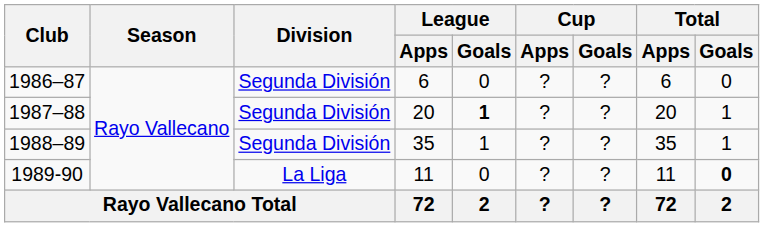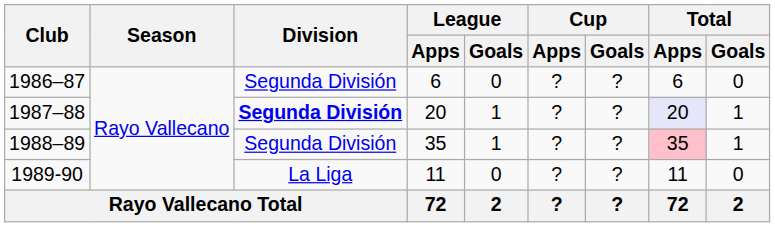 <table class="wikitable" style="text-align: center;">
 <tr>
 <th rowspan="2">Club</th>
 <th rowspan="2">Season</th>
 <th rowspan="2">Division</th>
 <th colspan="2">League</th>
 <th colspan="2">Cup</th>
 <th colspan="2">Total</th>
 </tr>
 <tr>
 <th>Apps</th>
 <th>Goals</th>
 <th>Apps</th>
 <th>Goals</th>
 <th>Apps</th>
 <th>Goals</th>
 </tr>
 <tr>
 <td>1986–87</td>
 <td rowspan="4"><a href='#'>Rayo Vallecano</a></td>
 <td><a href='#'>Segunda División</a></td>
 <td>6</td>
 <td>0</td>
 <td>?</td>
 <td>?</td>
 <td>6</td>
 <td>0</td>
 </tr>
 <tr>
 <td>1987–88</td>
-<td><a href='#'>Segunda División</a></td>
+<td><strong><a href='#'>Segunda División</a></strong></td>
 <td>20</td>
-<td><strong>1</strong></td>
+<td>1</td>
 <td>?</td>
 <td>?</td>
-<td>20</td>
+<td style="background: lavender;">20</td>
 <td>1</td>
 </tr>
 <tr>
 <td>1988–89</td>
 <td><a href='#'>Segunda División</a></td>
 <td>35</td>
 <td>1</td>
 <td>?</td>
 <td>?</td>
-<td>35</td>
+<td style="background: pink;">35</td>
 <td>1</td>
 </tr>
 <tr>
 <td>1989-90</td>
 <td><a href='#'>La Liga</a></td>
 <td>11</td>
 <td>0</td>
 <td>?</td>
 <td>?</td>
 <td>11</td>
-<td><strong>0</strong></td>
+<td>0</td>
 </tr>
 <tr>
 <th colspan="3">Rayo Vallecano Total</th>
 <th>72</th>
 <th>2</th>
 <th>?</th>
 <th>?</th>
 <th>72</th>
 <th>2</th>
 </tr>
 </table>
